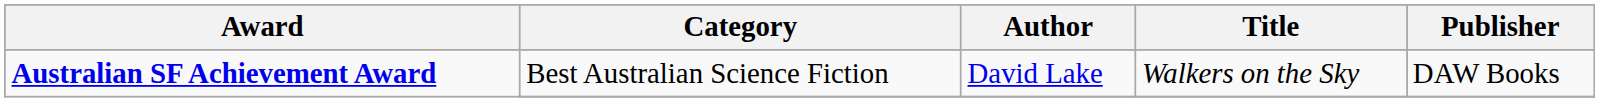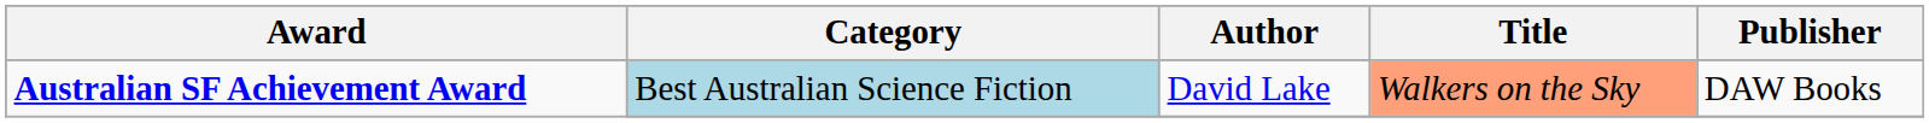 <table class="wikitable" width=100%>
 <tr>
 <th>Award</th>
 <th>Category</th>
 <th>Author</th>
 <th>Title</th>
 <th>Publisher</th>
 </tr>
 <tr>
 <td rowspan=2><strong><a href='#'> Australian SF Achievement Award</a></strong></td>
-<td>Best Australian Science Fiction</td>
+<td style="background: lightblue;">Best Australian Science Fiction</td>
 <td><a href='#'>David Lake</a></td>
-<td><em>Walkers on the Sky</em></td>
+<td style="background: lightsalmon;"><em>Walkers on the Sky</em></td>
 <td>DAW Books</td>
 </tr>
 <tr>
 </tr>
 </table>
